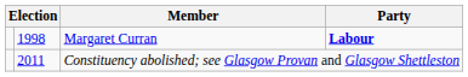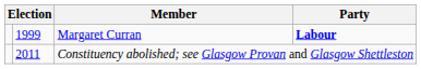 <table class="wikitable">
 <tr>
 <th colspan="2">Election</th>
 <th>Member</th>
 <th>Party</th>
 </tr>
 <tr>
 <td style="background-color: "></td>
-<td><a href='#'>1998</a></td>
+<td><a href='#'>1999</a></td>
 <td><a href='#'>Margaret Curran</a></td>
 <td><strong><a href='#'>Labour</a></strong></td>
 </tr>
 <tr>
 <td></td>
 <td><a href='#'>2011</a></td>
 <td colspan="3"><em>Constituency abolished; see <a href='#'>Glasgow Provan</a></em> and <em><a href='#'>Glasgow Shettleston</a></em></td>
 </tr>
 </table>
